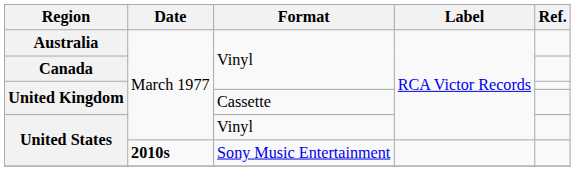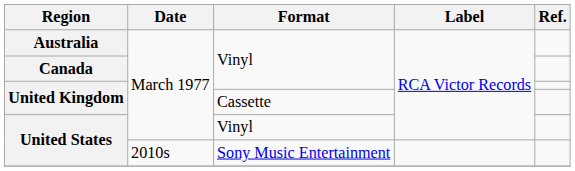 <table class="wikitable plainrowheaders">
 <tr>
 <th scope="col">Region</th>
 <th scope="col">Date</th>
 <th scope="col">Format</th>
 <th scope="col">Label</th>
 <th scope="col">Ref.</th>
 </tr>
 <tr>
 <th scope="row">Australia</th>
 <td rowspan="5">March 1977</td>
 <td rowspan="3">Vinyl</td>
 <td rowspan="5"><a href='#'>RCA Victor Records</a></td>
 <td></td>
 </tr>
 <tr>
 <th scope="row">Canada</th>
 <td></td>
 </tr>
 <tr>
 <th scope="row" rowspan="2">United Kingdom</th>
 <td></td>
 </tr>
 <tr>
 <td>Cassette</td>
 <td></td>
 </tr>
 <tr>
 <th scope="row" rowspan="2">United States</th>
 <td>Vinyl</td>
 <td></td>
 </tr>
 <tr>
-<td><strong>2010s</strong></td>
+<td>2010s</td>
 <td><a href='#'>Sony Music Entertainment</a></td>
 <td></td>
 <td></td>
 </tr>
 <tr>
 </tr>
 </table>
